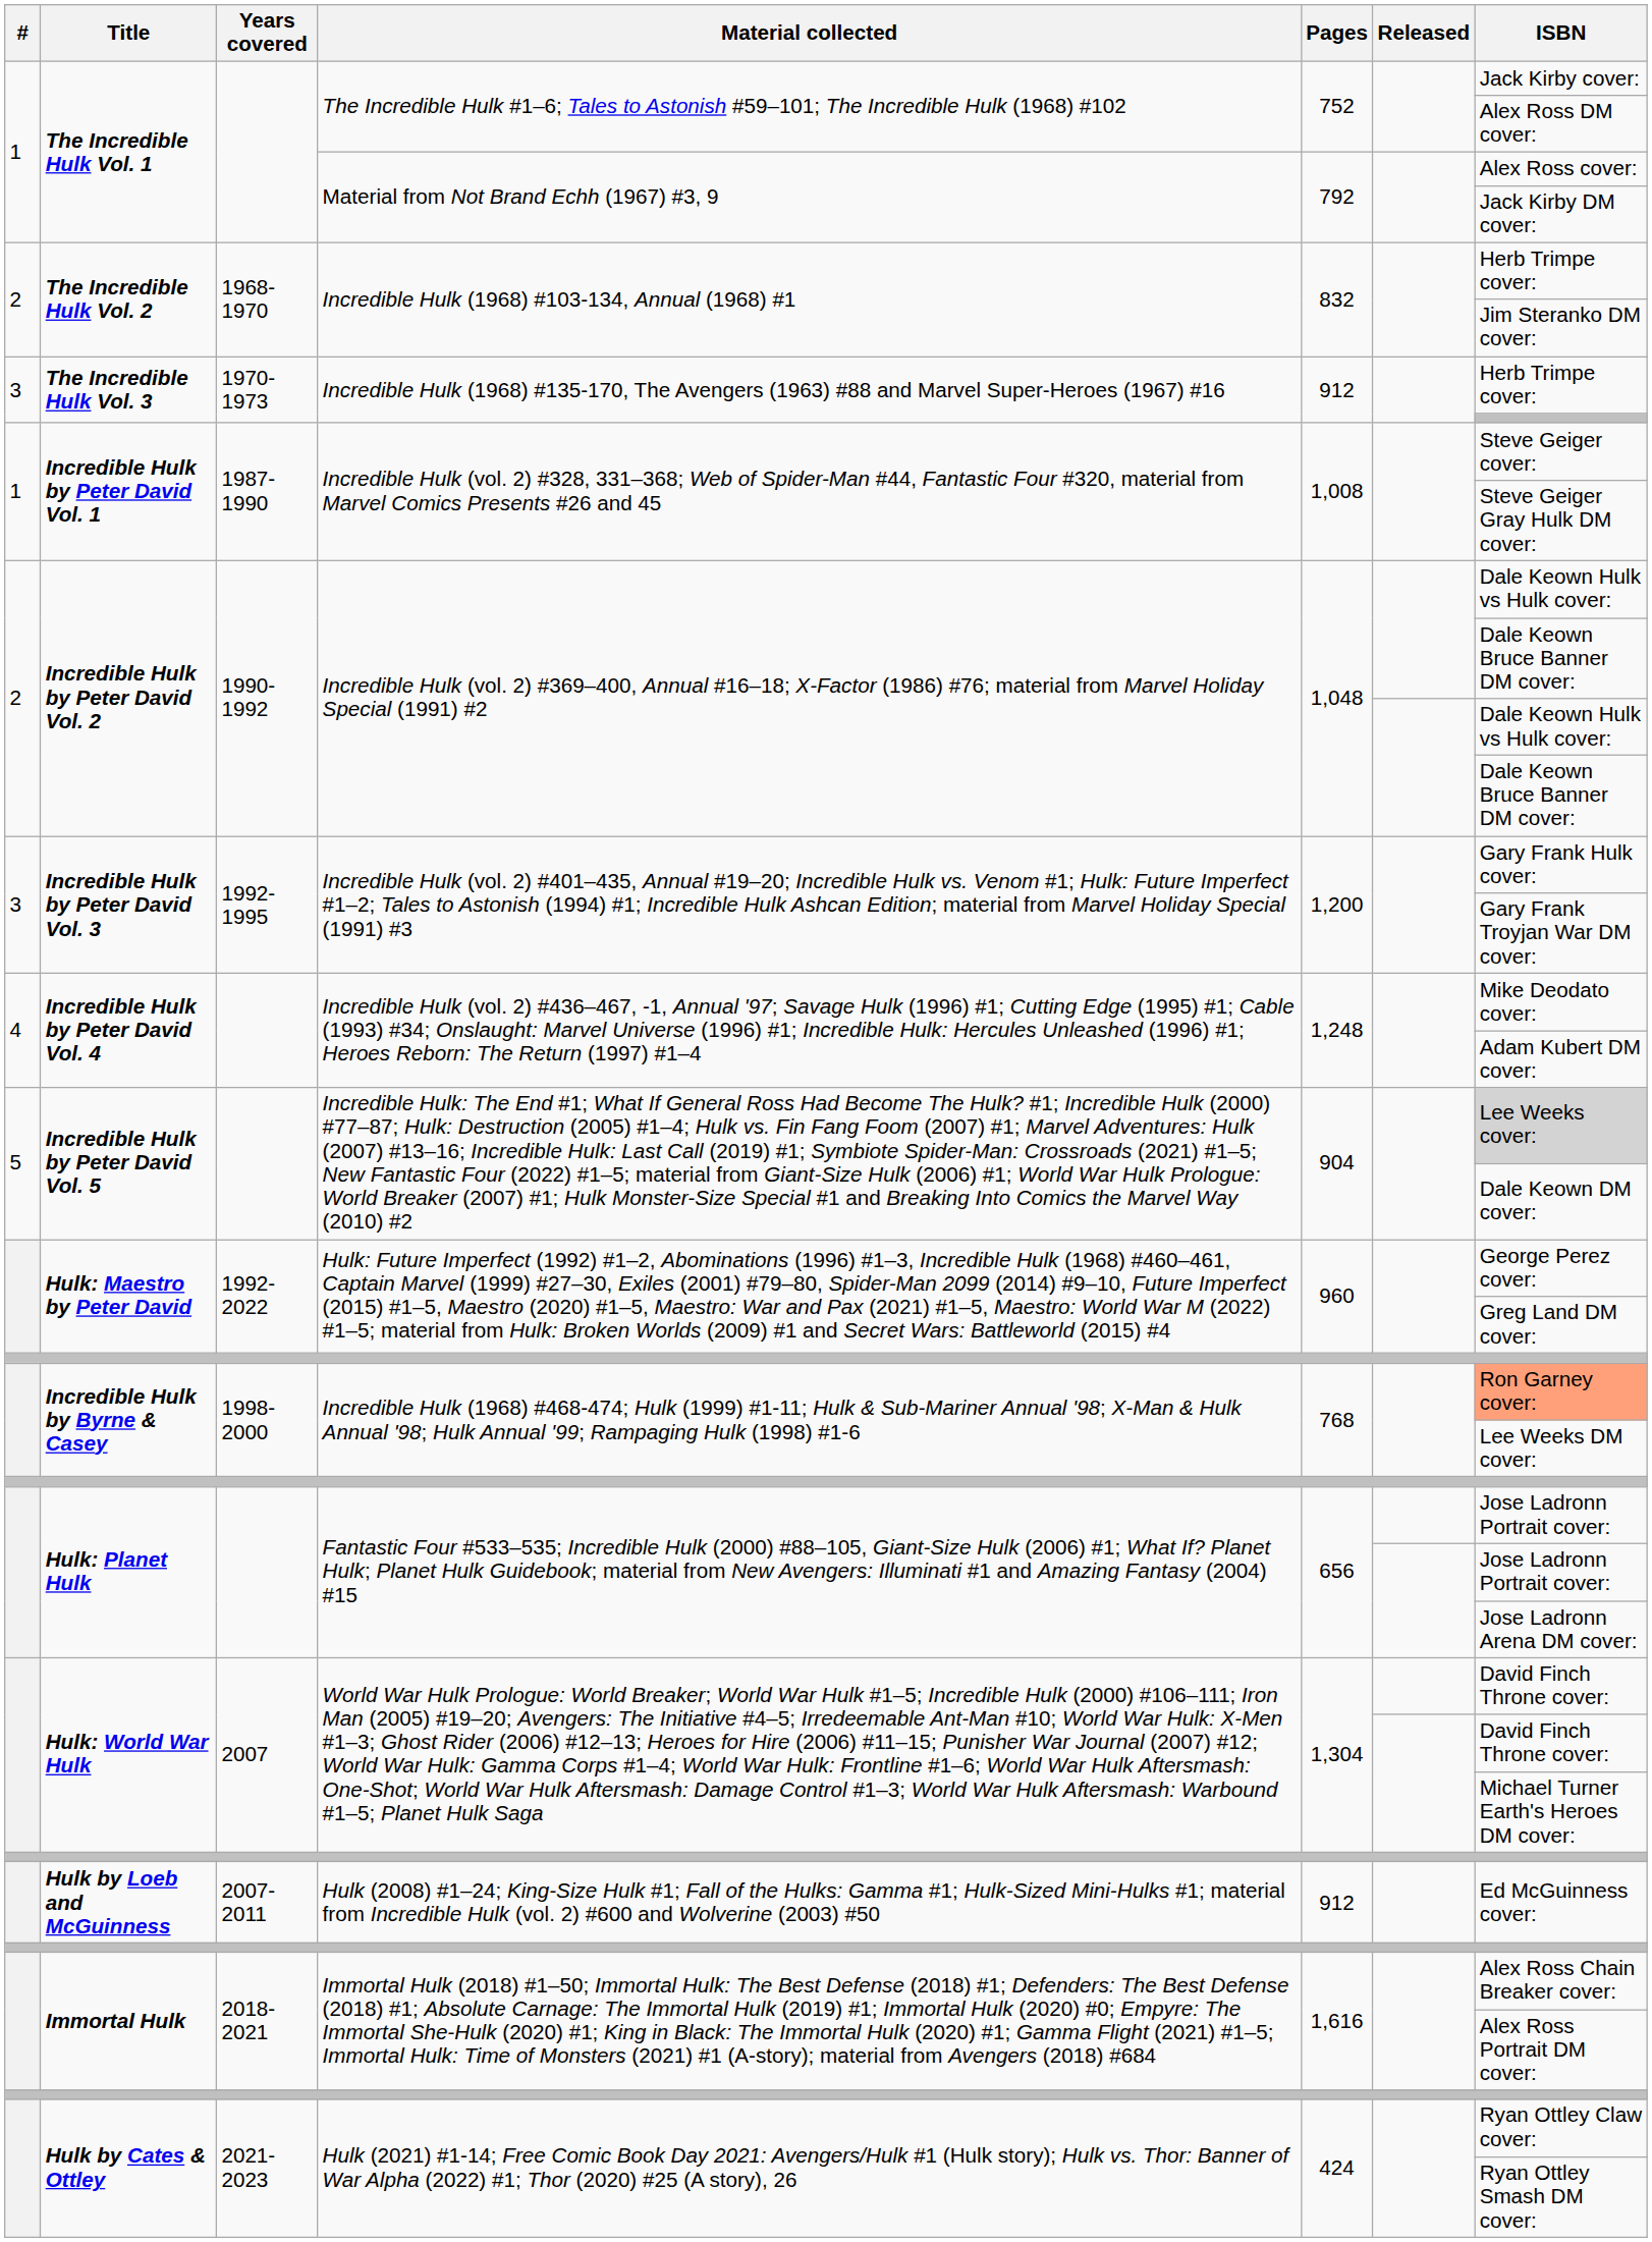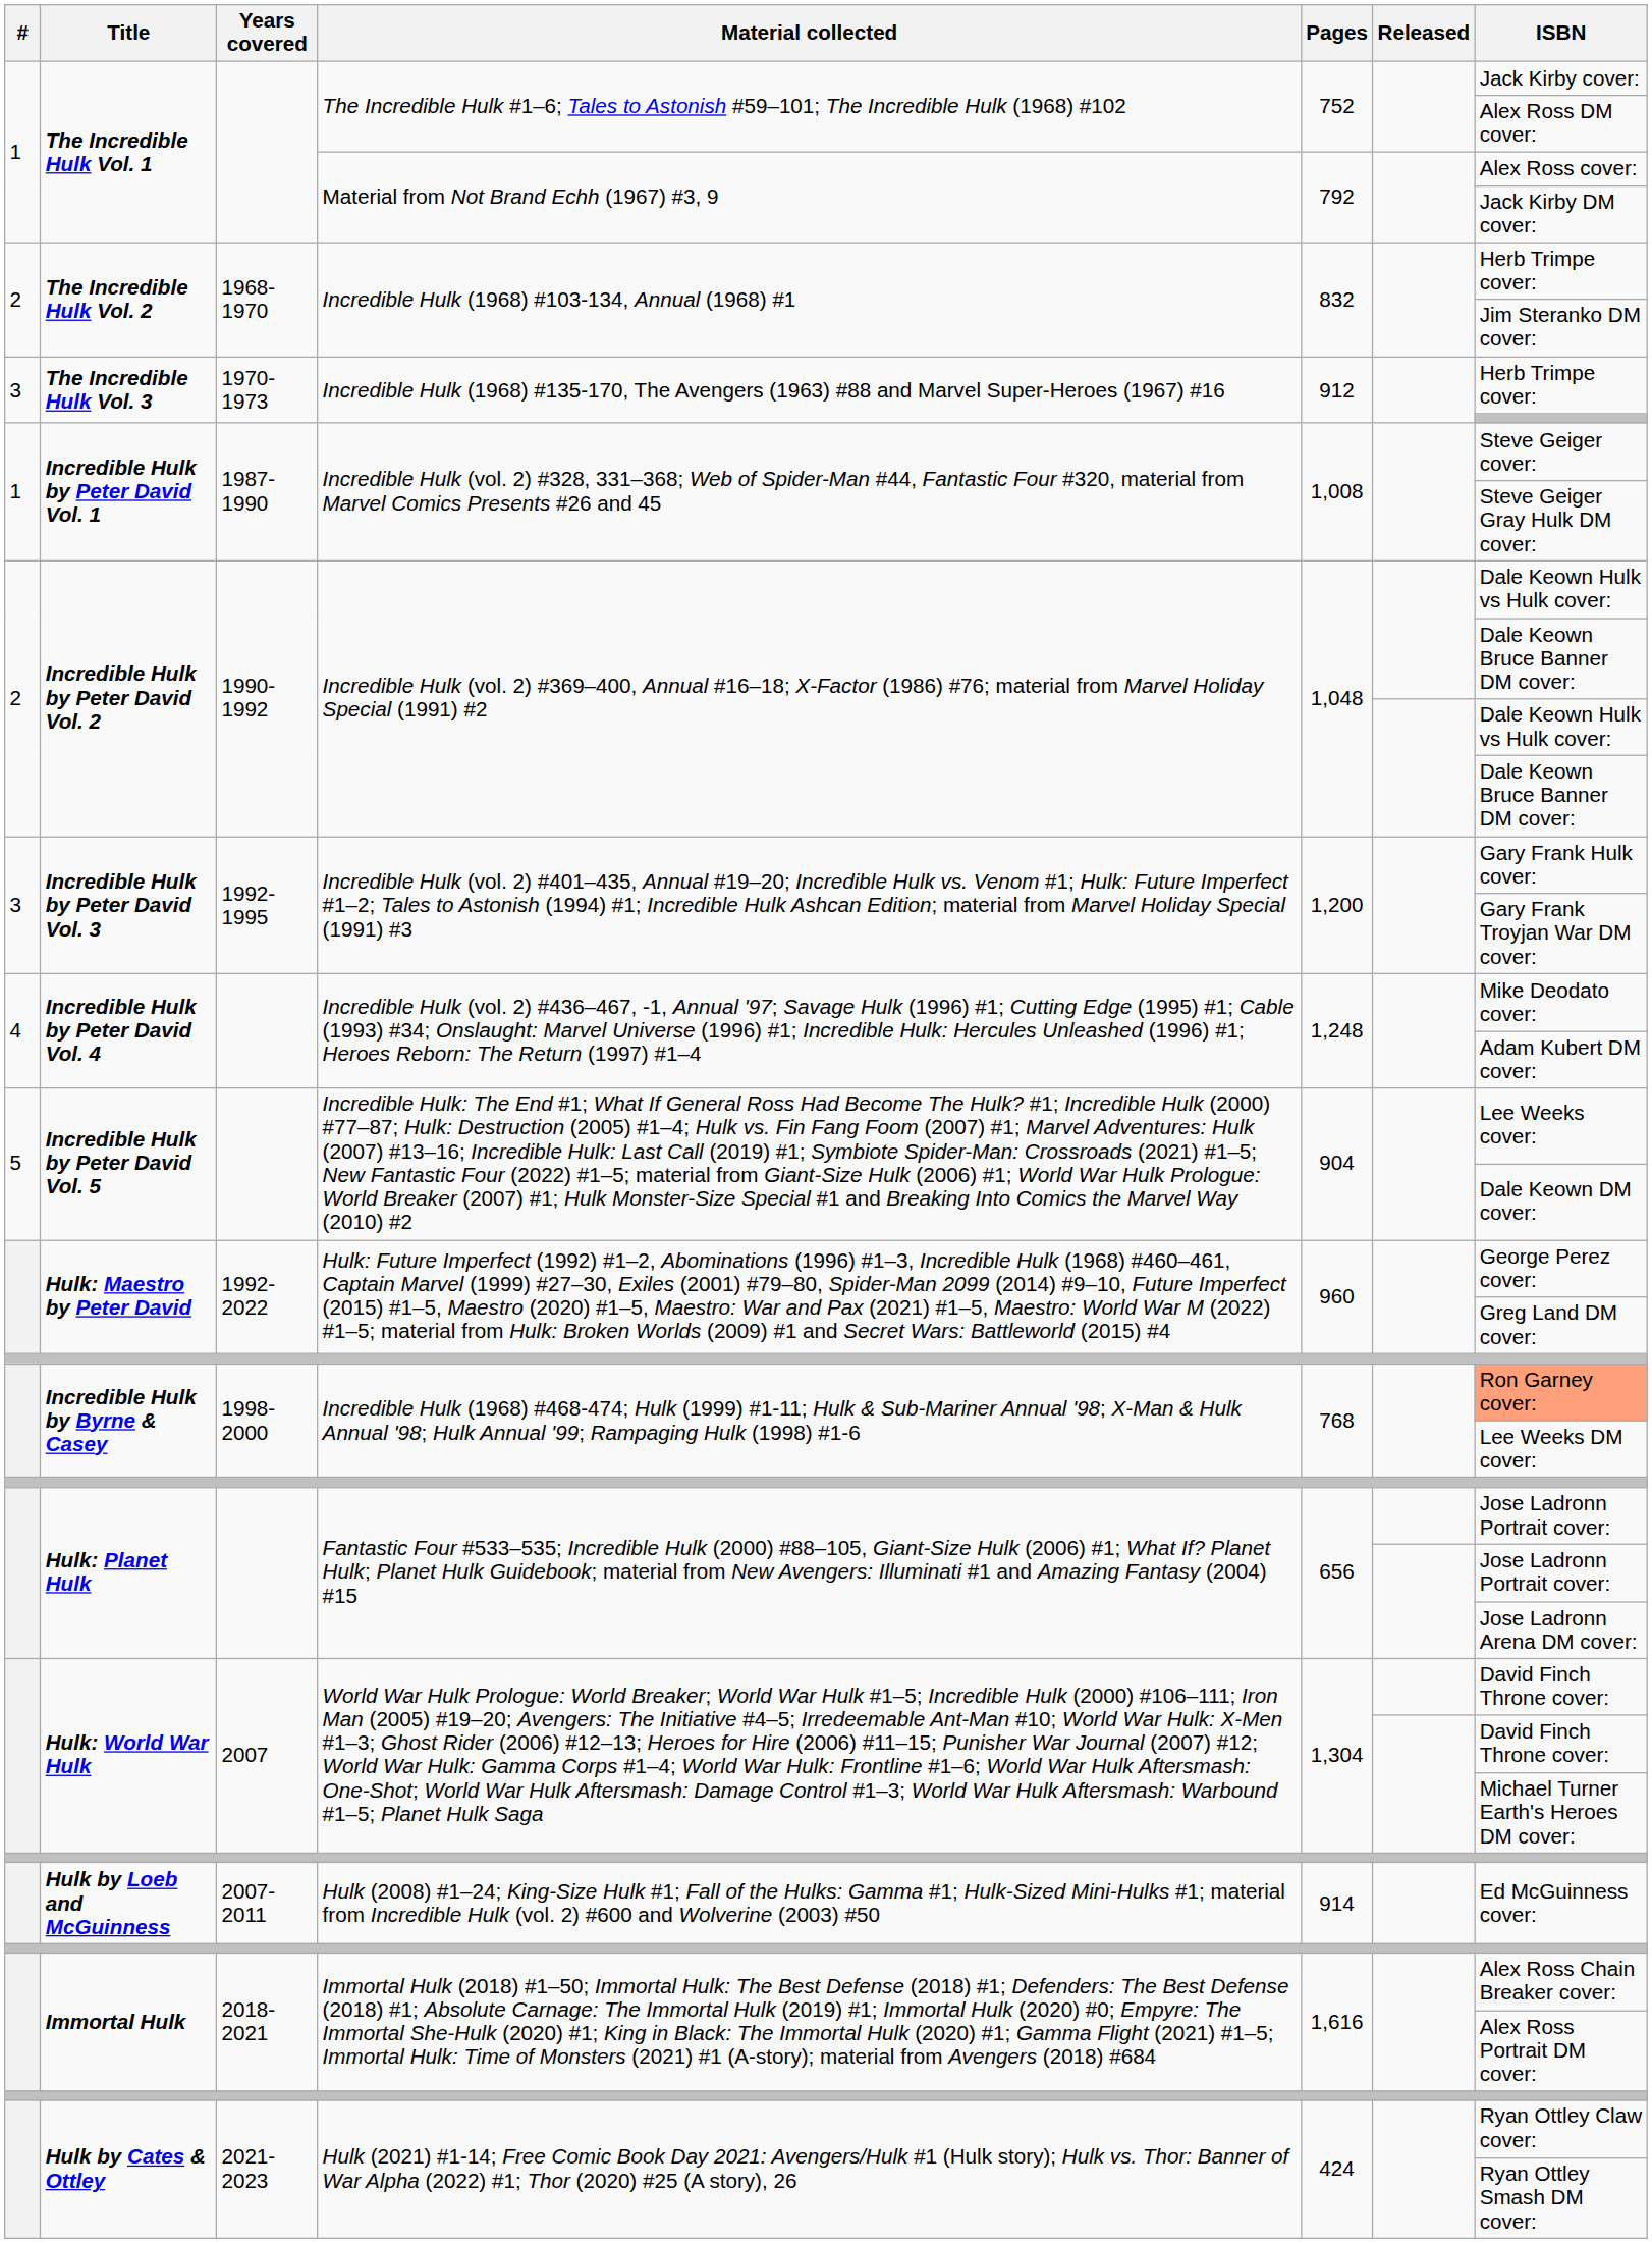 <table class="wikitable sortable" width=99%>
 <tr>
 <th class="unsortable" width=20px>#</th>
 <th>Title</th>
 <th>Years covered</th>
 <th class="unsortable">Material collected</th>
 <th>Pages</th>
 <th>Released</th>
 <th class="unsortable">ISBN</th>
 </tr>
 <tr>
 <td rowspan=4>1</td>
 <td rowspan=4><strong><em>The Incredible <a href='#'>Hulk</a> Vol. 1</em></strong></td>
 <td rowspan=4></td>
 <td rowspan=2><em>The Incredible Hulk</em> #1–6; <em><a href='#'>Tales to Astonish</a></em> #59–101; <em>The Incredible Hulk</em> (1968) #102</td>
 <td style="text-align: center;" rowspan=2>752</td>
 <td rowspan=2></td>
 <td>Jack Kirby cover: </td>
 </tr>
 <tr>
 <td>Alex Ross DM cover: </td>
 </tr>
 <tr>
 <td rowspan=2>Material from <em>Not Brand Echh</em> (1967) #3, 9</td>
 <td style="text-align: center;" rowspan=2>792</td>
 <td rowspan=2></td>
 <td>Alex Ross cover: </td>
 </tr>
 <tr>
 <td>Jack Kirby DM cover: </td>
 </tr>
 <tr>
 <td rowspan=2>2</td>
 <td rowspan=2><strong><em>The Incredible <a href='#'>Hulk</a> Vol. 2</em></strong></td>
 <td rowspan=2>1968-1970</td>
 <td rowspan=2><em>Incredible Hulk</em> (1968) #103-134, <em>Annual</em> (1968) #1</td>
 <td style="text-align: center;" rowspan=2>832</td>
 <td rowspan=2></td>
 <td>Herb Trimpe cover: </td>
 </tr>
 <tr>
 <td>Jim Steranko DM cover: </td>
 </tr>
 <tr>
 <td rowspan=2>3</td>
 <td rowspan=2><strong><em>The Incredible <a href='#'>Hulk</a> Vol. 3</em></strong></td>
 <td rowspan=2>1970-1973</td>
 <td rowspan=2><em>Incredible Hulk</em> (1968) #135-170, The Avengers (1963) #88 and Marvel Super-Heroes (1967) #16</td>
 <td style="text-align: center;" rowspan=2>912</td>
 <td rowspan=2></td>
 <td>Herb Trimpe cover: </td>
 </tr>
 <tr>
 <th colspan="7" style="background-color: silver;"></th>
 </tr>
 <tr>
 <td rowspan=2>1</td>
 <td rowspan=2><strong><em>Incredible Hulk by <a href='#'>Peter David</a> Vol. 1</em></strong></td>
 <td rowspan=2>1987-1990</td>
 <td rowspan=2><em>Incredible Hulk</em> (vol. 2) #328, 331–368; <em>Web of Spider-Man</em> #44, <em>Fantastic Four</em> #320, material from <em>Marvel Comics Presents</em> #26 and 45</td>
 <td style="text-align: center;" rowspan=2>1,008</td>
 <td rowspan=2></td>
 <td>Steve Geiger cover: </td>
 </tr>
 <tr>
 <td>Steve Geiger Gray Hulk DM cover: </td>
 </tr>
 <tr>
 <td rowspan=4>2</td>
 <td rowspan=4><strong><em>Incredible Hulk by Peter David Vol. 2</em></strong></td>
 <td rowspan=4>1990-1992</td>
 <td rowspan=4><em>Incredible Hulk</em> (vol. 2) #369–400, <em>Annual</em> #16–18; <em>X-Factor</em> (1986) #76; material from <em>Marvel Holiday Special</em> (1991) #2</td>
 <td style="text-align: center;" rowspan=4>1,048</td>
 <td rowspan=2></td>
 <td>Dale Keown Hulk vs Hulk cover: </td>
 </tr>
 <tr>
 <td>Dale Keown Bruce Banner DM cover: </td>
 </tr>
 <tr>
 <td rowspan=2></td>
 <td>Dale Keown Hulk vs Hulk cover: </td>
 </tr>
 <tr>
 <td>Dale Keown Bruce Banner DM cover: </td>
 </tr>
 <tr>
 <td rowspan=2>3</td>
 <td rowspan=2><strong><em>Incredible Hulk by Peter David Vol. 3</em></strong></td>
 <td rowspan=2>1992-1995</td>
 <td rowspan=2><em>Incredible Hulk</em> (vol. 2) #401–435, <em>Annual</em> #19–20; <em>Incredible Hulk vs. Venom</em> #1; <em>Hulk: Future Imperfect</em> #1–2; <em>Tales to Astonish</em> (1994) #1; <em>Incredible Hulk Ashcan Edition</em>; material from <em>Marvel Holiday Special</em> (1991) #3</td>
 <td style="text-align: center;" rowspan=2>1,200</td>
 <td rowspan=2></td>
 <td>Gary Frank Hulk cover: </td>
 </tr>
 <tr>
 <td>Gary Frank Troyjan War DM cover: </td>
 </tr>
 <tr>
 <td rowspan=2>4</td>
 <td rowspan=2><strong><em>Incredible Hulk by Peter David Vol. 4</em></strong></td>
 <td rowspan=2></td>
 <td rowspan=2><em>Incredible Hulk</em> (vol. 2) #436–467, -1, <em>Annual '97</em>; <em>Savage Hulk</em> (1996) #1; <em>Cutting Edge</em> (1995) #1; <em>Cable</em> (1993) #34; <em>Onslaught: Marvel Universe</em> (1996) #1; <em>Incredible Hulk: Hercules Unleashed</em> (1996) #1; <em>Heroes Reborn: The Return</em> (1997) #1–4</td>
 <td style="text-align: center;" rowspan=2>1,248</td>
 <td rowspan=2></td>
 <td>Mike Deodato cover: </td>
 </tr>
 <tr>
 <td>Adam Kubert DM cover: </td>
 </tr>
 <tr>
 <td rowspan=2>5</td>
 <td rowspan=2><strong><em>Incredible Hulk by Peter David Vol. 5</em></strong></td>
 <td rowspan=2></td>
 <td rowspan=2><em>Incredible Hulk: The End</em> #1; <em>What If General Ross Had Become The Hulk?</em> #1; <em>Incredible Hulk</em> (2000) #77–87; <em>Hulk: Destruction</em> (2005) #1–4; <em>Hulk vs. Fin Fang Foom</em> (2007) #1; <em>Marvel Adventures: Hulk</em> (2007) #13–16; <em>Incredible Hulk: Last Call</em> (2019) #1; <em>Symbiote Spider-Man: Crossroads</em> (2021) #1–5; <em>New Fantastic Four</em> (2022) #1–5; material from <em>Giant-Size Hulk</em> (2006) #1; <em>World War Hulk Prologue: World Breaker</em> (2007) #1; <em>Hulk Monster-Size Special</em> #1 and <em>Breaking Into Comics the Marvel Way</em> (2010) #2</td>
 <td style="text-align: center;" rowspan=2>904</td>
 <td rowspan=2></td>
-<td style="background: lightgrey;">Lee Weeks cover: </td>
+<td>Lee Weeks cover: </td>
 </tr>
 <tr>
 <td>Dale Keown DM cover: </td>
 </tr>
 <tr>
 <th style="background-color: light grey;" rowspan=2></th>
 <td rowspan=2><strong><em>Hulk: <a href='#'>Maestro</a> by <a href='#'>Peter David</a></em></strong></td>
 <td rowspan=2>1992-2022</td>
 <td rowspan=2><em>Hulk: Future Imperfect</em> (1992) #1–2, <em>Abominations</em> (1996) #1–3, <em>Incredible Hulk</em> (1968) #460–461, <em>Captain Marvel</em> (1999) #27–30, <em>Exiles</em> (2001) #79–80, <em>Spider-Man 2099</em> (2014) #9–10, <em>Future Imperfect</em> (2015) #1–5, <em>Maestro</em> (2020) #1–5, <em>Maestro: War and Pax</em> (2021) #1–5, <em>Maestro: World War M</em> (2022) #1–5; material from <em>Hulk: Broken Worlds</em> (2009) #1 and <em>Secret Wars: Battleworld</em> (2015) #4</td>
 <td style="text-align: center;" rowspan=2>960</td>
 <td rowspan=2></td>
 <td>George Perez cover: </td>
 </tr>
 <tr>
 <td>Greg Land DM cover: </td>
 </tr>
 <tr>
 <th colspan="7" style="background-color: silver;"></th>
 </tr>
 <tr>
 <th style="background-color: light grey;" rowspan=2></th>
 <td rowspan=2><strong><em>Incredible Hulk by <a href='#'>Byrne</a> & <a href='#'>Casey</a></em></strong></td>
 <td rowspan=2>1998-2000</td>
 <td rowspan=2><em>Incredible Hulk</em> (1968) #468-474; <em>Hulk</em> (1999) #1-11; <em>Hulk & Sub-Mariner Annual '98</em>; <em>X-Man & Hulk Annual '98</em>; <em>Hulk Annual '99</em>; <em>Rampaging Hulk</em> (1998) #1-6</td>
 <td style="text-align: center;" rowspan=2>768</td>
 <td rowspan=2></td>
 <td style="background: lightsalmon;">Ron Garney cover: </td>
 </tr>
 <tr>
 <td>Lee Weeks DM cover: </td>
 </tr>
 <tr>
 <th colspan="7" style="background-color: silver;"></th>
 </tr>
 <tr>
 <th style="background-color: light grey;" rowspan=3></th>
 <td rowspan=3><strong><em>Hulk: <a href='#'>Planet Hulk</a></em></strong></td>
 <td rowspan=3></td>
 <td rowspan=3><em>Fantastic Four</em> #533–535; <em>Incredible Hulk</em> (2000) #88–105, <em>Giant-Size Hulk</em> (2006) #1; <em>What If? Planet Hulk</em>; <em>Planet Hulk Guidebook</em>; material from <em>New Avengers: Illuminati</em> #1 and <em>Amazing Fantasy</em> (2004) #15</td>
 <td style="text-align: center;" rowspan=3>656</td>
 <td></td>
 <td>Jose Ladronn Portrait cover: </td>
 </tr>
 <tr>
 <td rowspan=2></td>
 <td>Jose Ladronn Portrait cover: </td>
 </tr>
 <tr>
 <td>Jose Ladronn Arena DM cover: </td>
 </tr>
 <tr>
 <th style="background-color: light grey;" rowspan=3></th>
 <td rowspan=3><strong><em>Hulk: <a href='#'>World War Hulk</a></em></strong></td>
 <td rowspan=3>2007</td>
 <td rowspan=3><em>World War Hulk Prologue: World Breaker</em>; <em>World War Hulk</em> #1–5; <em>Incredible Hulk</em> (2000) #106–111; <em>Iron Man</em> (2005) #19–20; <em>Avengers: The Initiative</em> #4–5; <em>Irredeemable Ant-Man</em> #10; <em>World War Hulk: X-Men</em> #1–3; <em>Ghost Rider</em> (2006) #12–13; <em>Heroes for Hire</em> (2006) #11–15; <em>Punisher War Journal</em> (2007) #12; <em>World War Hulk: Gamma Corps</em> #1–4; <em>World War Hulk: Frontline</em> #1–6; <em>World War Hulk Aftersmash: One-Shot</em>; <em>World War Hulk Aftersmash: Damage Control</em> #1–3; <em>World War Hulk Aftersmash: Warbound</em> #1–5; <em>Planet Hulk Saga</em></td>
 <td style="text-align: center;" rowspan=3>1,304</td>
 <td></td>
 <td>David Finch Throne cover: </td>
 </tr>
 <tr>
 <td rowspan=2></td>
 <td>David Finch Throne cover: </td>
 </tr>
 <tr>
 <td>Michael Turner Earth's Heroes DM cover: </td>
 </tr>
 <tr>
 <th colspan="7" style="background-color: silver;"></th>
 </tr>
 <tr>
 <th style="background-color: light grey;"></th>
 <td><strong><em>Hulk by <a href='#'>Loeb</a> and <a href='#'>McGuinness</a></em></strong></td>
 <td>2007-2011</td>
 <td><em>Hulk</em> (2008) #1–24; <em>King-Size Hulk</em> #1; <em>Fall of the Hulks: Gamma</em> #1; <em>Hulk-Sized Mini-Hulks</em> #1; material from <em>Incredible Hulk</em> (vol. 2) #600 and <em>Wolverine</em> (2003) #50</td>
-<td style="text-align: center;">912</td>
+<td style="text-align: center;">914</td>
 <td></td>
 <td>Ed McGuinness cover: </td>
 </tr>
 <tr>
 <th colspan="7" style="background-color: silver;"></th>
 </tr>
 <tr>
 <th style="background-color: light grey;" rowspan=2></th>
 <td rowspan=2><strong><em>Immortal Hulk</em></strong></td>
 <td rowspan=2>2018-2021</td>
 <td rowspan=2><em>Immortal Hulk</em> (2018) #1–50; <em>Immortal Hulk: The Best Defense</em> (2018) #1; <em>Defenders: The Best Defense</em> (2018) #1; <em>Absolute Carnage: The Immortal Hulk</em> (2019) #1; <em>Immortal Hulk</em> (2020) #0; <em>Empyre: The Immortal She-Hulk</em> (2020) #1; <em>King in Black: The Immortal Hulk</em> (2020) #1; <em>Gamma Flight</em> (2021) #1–5; <em>Immortal Hulk: Time of Monsters</em> (2021) #1 (A-story); material from <em>Avengers</em> (2018) #684</td>
 <td style="text-align: center;" rowspan=2>1,616</td>
 <td rowspan=2></td>
 <td>Alex Ross Chain Breaker cover: </td>
 </tr>
 <tr>
 <td>Alex Ross Portrait DM cover: </td>
 </tr>
 <tr>
 <th colspan="7" style="background-color: silver;"></th>
 </tr>
 <tr>
 <th style="background-color: light grey;" rowspan=2></th>
 <td rowspan=2><strong><em>Hulk by <a href='#'>Cates</a> & <a href='#'>Ottley</a></em></strong></td>
 <td rowspan=2>2021-2023</td>
 <td rowspan=2><em>Hulk</em> (2021) #1-14; <em>Free Comic Book Day 2021: Avengers/Hulk</em> #1 (Hulk story); <em>Hulk vs. Thor: Banner of War Alpha</em> (2022) #1; <em>Thor</em> (2020)  #25 (A story), 26</td>
 <td style="text-align: center;" rowspan=2>424</td>
 <td rowspan=2></td>
 <td>Ryan Ottley Claw cover: </td>
 </tr>
 <tr>
 <td>Ryan Ottley Smash DM cover: </td>
 </tr>
 </table>
